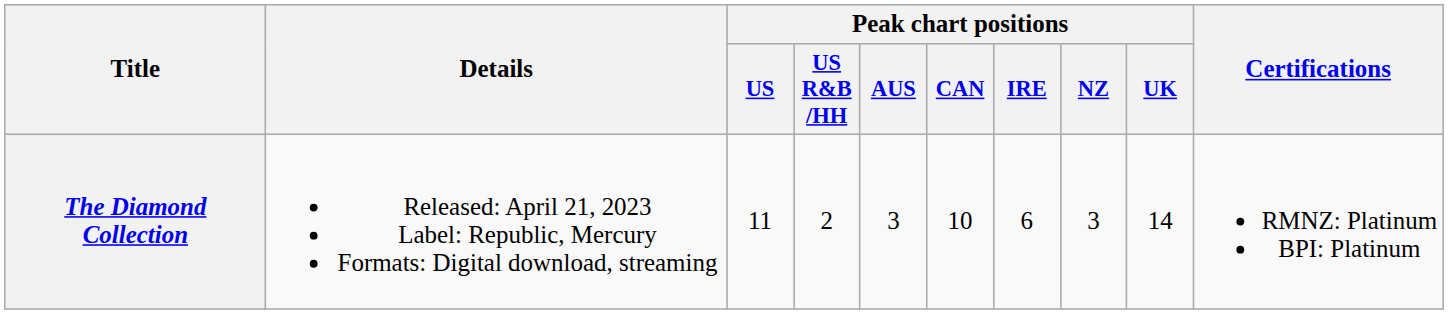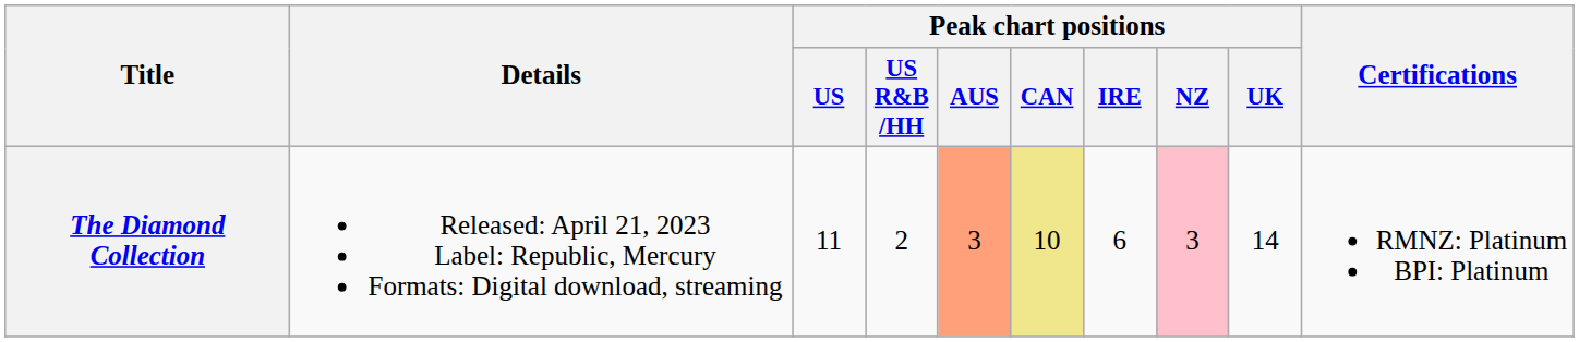 <table class="wikitable plainrowheaders" style="text-align:center;">
 <tr>
 <th rowspan="2" style="width:10em;">Title</th>
 <th rowspan="2" style="width:18em;">Details</th>
 <th colspan="7">Peak chart positions</th>
 <th rowspan="2"><a href='#'>Certifications</a></th>
 </tr>
 <tr>
 <th scope="col" style="width:2.5em;font-size:90%;"><a href='#'>US</a><br></th>
 <th scope="col" style="width:2.5em;font-size:90%;"><a href='#'>US R&B<br>/HH</a><br></th>
 <th scope="col" style="width:2.5em;font-size:90%;"><a href='#'>AUS</a><br></th>
 <th scope="col" style="width:2.5em;font-size:90%;"><a href='#'>CAN</a><br></th>
 <th scope="col" style="width:2.5em;font-size:90%;"><a href='#'>IRE</a><br></th>
 <th scope="col" style="width:2.5em;font-size:90%;"><a href='#'>NZ</a><br></th>
 <th scope="col" style="width:2.5em;font-size:90%;"><a href='#'>UK</a><br></th>
 </tr>
 <tr>
 <th scope="row"><em><a href='#'>The Diamond Collection</a></em></th>
 <td><br><ul><li>Released: April 21, 2023</li><li>Label: Republic, Mercury</li><li>Formats: Digital download, streaming</li></ul></td>
 <td>11</td>
 <td>2</td>
-<td>3</td>
-<td>10</td>
+<td style="background: lightsalmon;">3</td>
+<td style="background: khaki;">10</td>
 <td>6</td>
-<td>3</td>
+<td style="background: pink;">3</td>
 <td>14</td>
 <td><br><ul><li>RMNZ: Platinum</li><li>BPI: Platinum</li></ul></td>
 </tr>
 </table>
